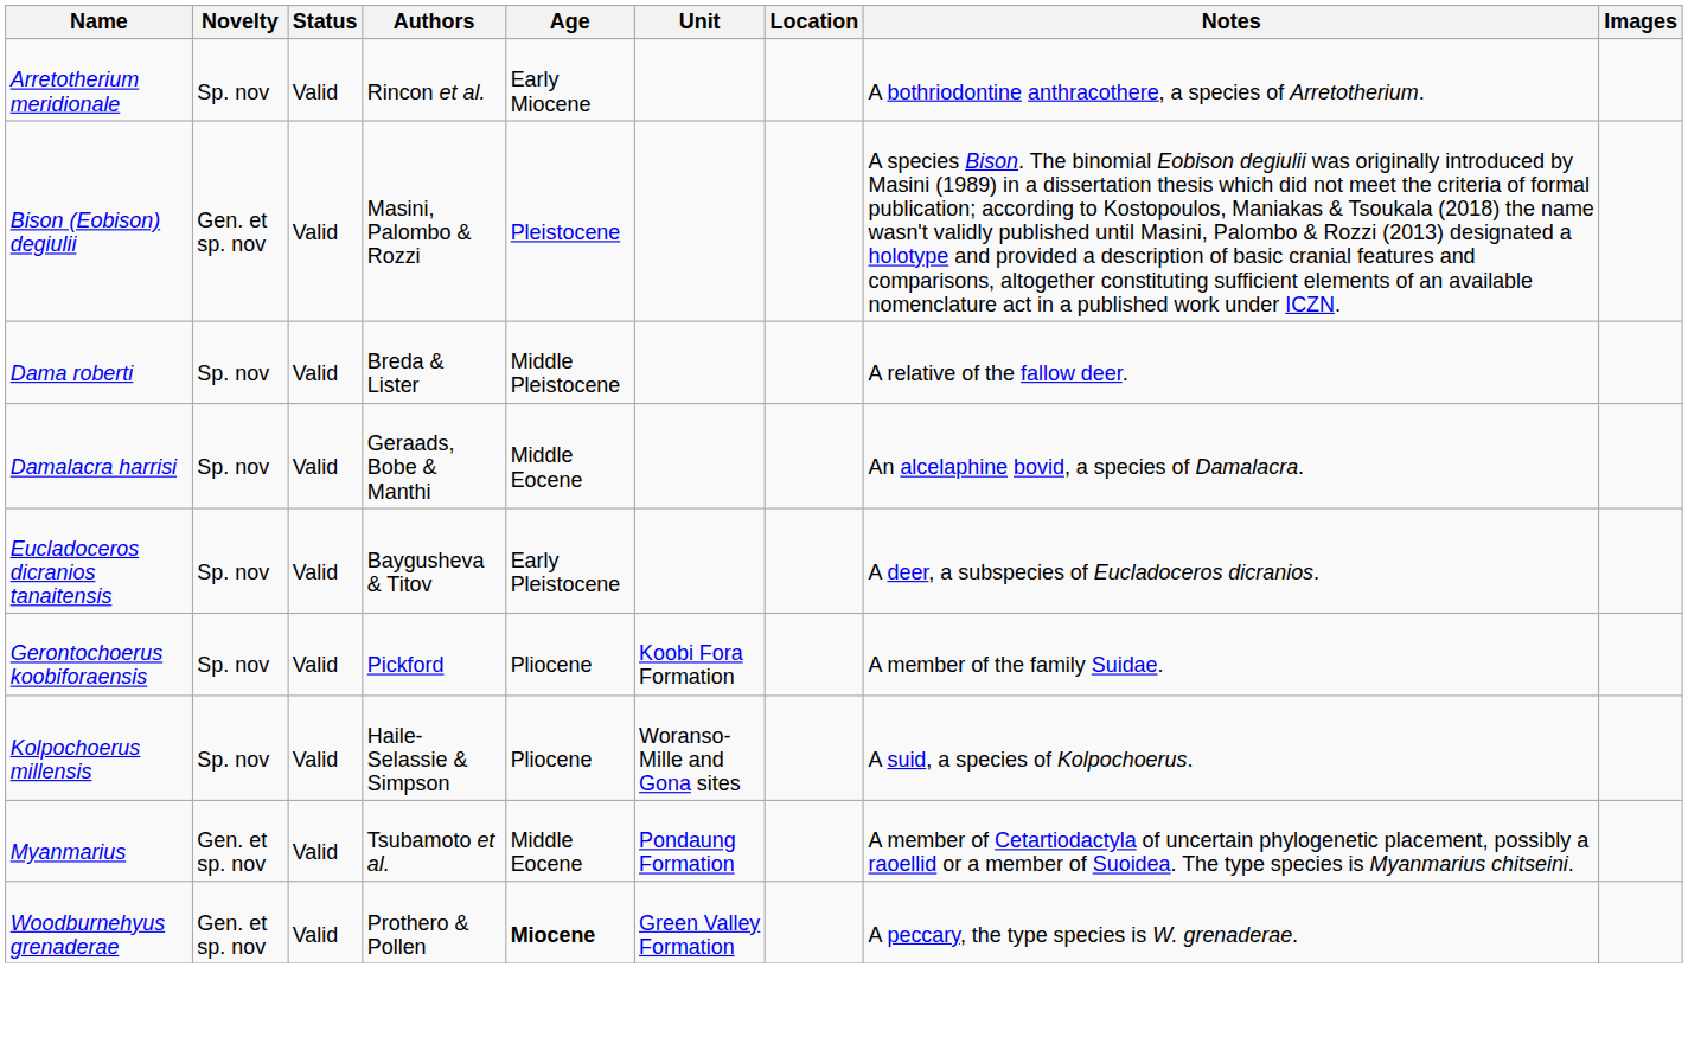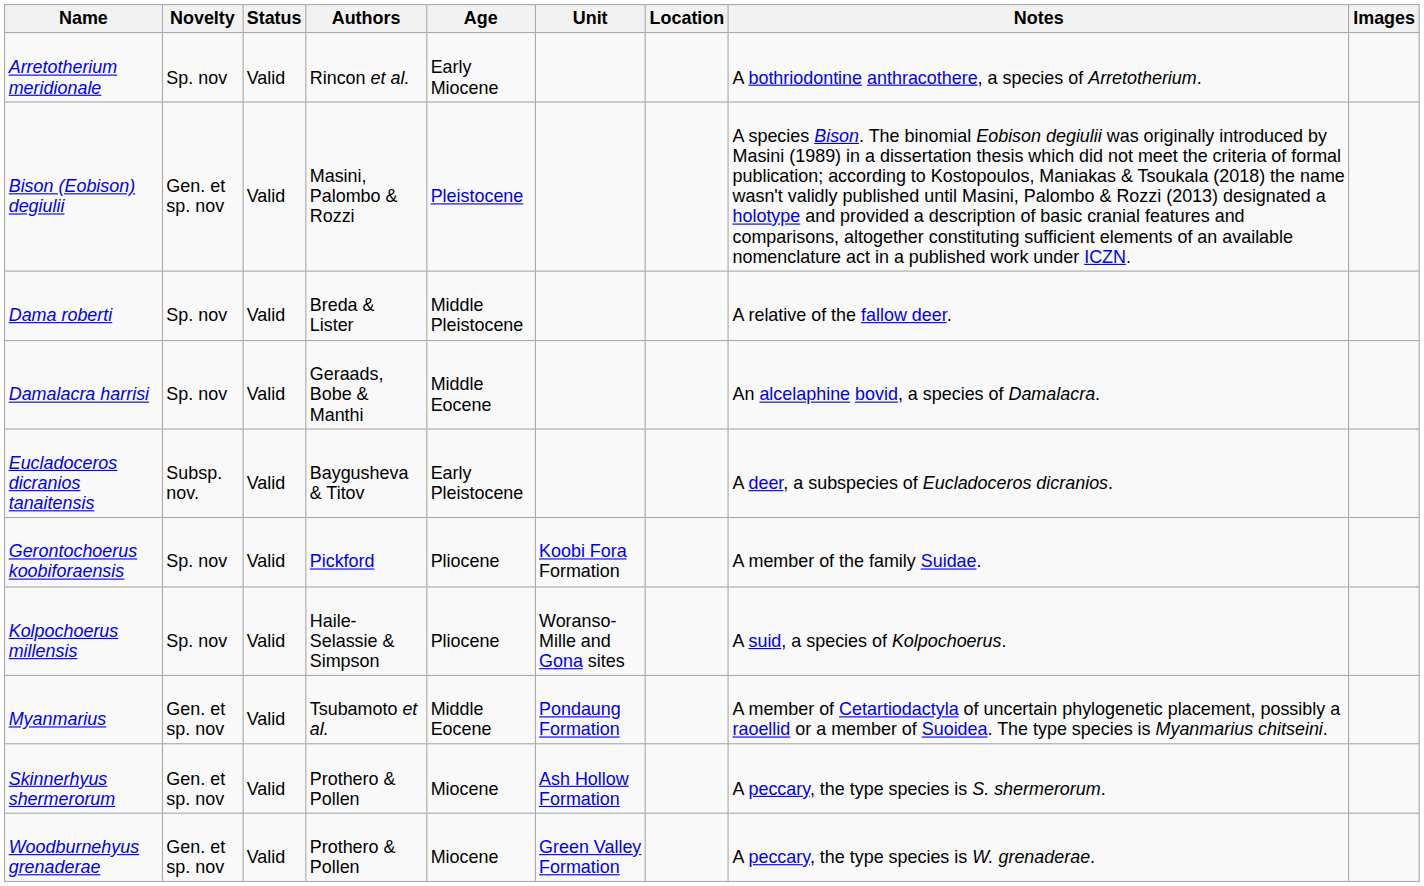 <table class="wikitable sortable" align="center" width="100%">
 <tr>
 <th>Name</th>
 <th>Novelty</th>
 <th>Status</th>
 <th>Authors</th>
 <th>Age</th>
 <th>Unit</th>
 <th>Location</th>
 <th>Notes</th>
 <th>Images</th>
 </tr>
 <tr>
 <td><br><em><a href='#'>Arretotherium meridionale</a></em></td>
 <td><br>Sp. nov</td>
 <td><br>Valid</td>
 <td><br>Rincon <em>et al.</em></td>
 <td><br>Early Miocene</td>
 <td></td>
 <td><br></td>
 <td><br>A <a href='#'>bothriodontine</a> <a href='#'>anthracothere</a>, a species of <em>Arretotherium</em>.</td>
 <td></td>
 </tr>
 <tr>
 <td><br><em><a href='#'>Bison (Eobison) degiulii</a></em></td>
 <td><br>Gen. et sp. nov</td>
 <td><br>Valid</td>
 <td><br>Masini, Palombo & Rozzi</td>
 <td><br><a href='#'>Pleistocene</a></td>
 <td></td>
 <td><br></td>
 <td><br>A species <em><a href='#'>Bison</a></em>. The binomial <em>Eobison degiulii</em> was originally introduced by Masini (1989) in a dissertation thesis which did not meet the criteria of formal publication; according to Kostopoulos, Maniakas & Tsoukala (2018) the name wasn't validly published until Masini, Palombo & Rozzi (2013) designated a <a href='#'>holotype</a> and provided a description of basic cranial features and comparisons, altogether constituting sufficient elements of an available nomenclature act in a published work under <a href='#'>ICZN</a>.</td>
 <td></td>
 </tr>
 <tr>
 <td><br><em><a href='#'>Dama roberti</a></em></td>
 <td><br>Sp. nov</td>
 <td><br>Valid</td>
 <td><br>Breda & Lister</td>
 <td><br>Middle Pleistocene</td>
 <td></td>
 <td><br><br> </td>
 <td><br>A relative of the <a href='#'>fallow deer</a>.</td>
 <td></td>
 </tr>
 <tr>
 <td><br><em><a href='#'>Damalacra harrisi</a></em></td>
 <td><br>Sp. nov</td>
 <td><br>Valid</td>
 <td><br>Geraads, Bobe & Manthi</td>
 <td><br>Middle Eocene</td>
 <td></td>
 <td><br></td>
 <td><br>An <a href='#'>alcelaphine</a> <a href='#'>bovid</a>, a species of <em>Damalacra</em>.</td>
 <td></td>
 </tr>
 <tr>
 <td><br><em><a href='#'>Eucladoceros dicranios tanaitensis</a></em></td>
-<td><br>Sp. nov</td>
+<td><br>Subsp. nov.</td>
 <td><br>Valid</td>
 <td><br>Baygusheva & Titov</td>
 <td><br>Early Pleistocene</td>
 <td></td>
 <td><br></td>
 <td><br>A <a href='#'>deer</a>, a subspecies of <em>Eucladoceros dicranios</em>.</td>
 <td></td>
 </tr>
 <tr>
 <td><br><em><a href='#'>Gerontochoerus koobiforaensis</a></em></td>
 <td><br>Sp. nov</td>
 <td><br>Valid</td>
 <td><br><a href='#'>Pickford</a></td>
 <td><br>Pliocene</td>
 <td><br><a href='#'>Koobi Fora</a> Formation</td>
 <td><br></td>
 <td><br>A member of the family <a href='#'>Suidae</a>.</td>
 <td></td>
 </tr>
 <tr>
 <td><br><em><a href='#'>Kolpochoerus millensis</a></em></td>
 <td><br>Sp. nov</td>
 <td><br>Valid</td>
 <td><br>Haile-Selassie & Simpson</td>
 <td><br>Pliocene</td>
 <td><br>Woranso-Mille and <a href='#'>Gona</a> sites</td>
 <td><br></td>
 <td><br>A <a href='#'>suid</a>, a species of <em>Kolpochoerus</em>.</td>
 <td></td>
 </tr>
 <tr>
 <td><br><em><a href='#'>Myanmarius</a></em></td>
 <td><br>Gen. et sp. nov</td>
 <td><br>Valid</td>
 <td><br>Tsubamoto <em>et al.</em></td>
 <td><br>Middle Eocene</td>
 <td><br><a href='#'>Pondaung Formation</a></td>
 <td><br></td>
 <td><br>A member of <a href='#'>Cetartiodactyla</a> of uncertain phylogenetic placement, possibly a <a href='#'>raoellid</a> or a member of <a href='#'>Suoidea</a>. The type species is <em>Myanmarius chitseini</em>.</td>
 <td></td>
 </tr>
 <tr>
+<td><br><em><a href='#'>Skinnerhyus shermerorum</a></em></td>
+<td><br>Gen. et sp. nov</td>
+<td><br>Valid</td>
+<td><br>Prothero & Pollen</td>
+<td><br>Miocene</td>
+<td><br><a href='#'>Ash Hollow Formation</a></td>
+<td><br></td>
+<td><br>A <a href='#'>peccary</a>, the type species is <em>S. shermerorum</em>.</td>
+<td></td>
+</tr>
+<tr>
 <td><br><em><a href='#'>Woodburnehyus grenaderae</a></em></td>
 <td><br>Gen. et sp. nov</td>
 <td><br>Valid</td>
 <td><br>Prothero & Pollen</td>
-<td><strong><br>Miocene</strong></td>
+<td><br>Miocene</td>
 <td><br><a href='#'>Green Valley Formation</a></td>
 <td><br></td>
 <td><br>A <a href='#'>peccary</a>, the type species is <em>W. grenaderae</em>.</td>
 <td></td>
 </tr>
 <tr>
 </tr>
 </table>
